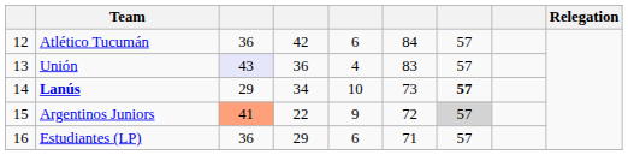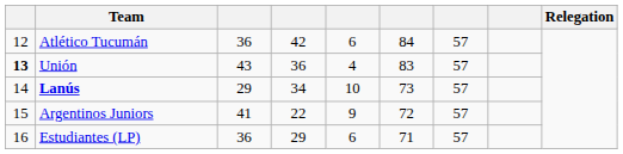 <table class="wikitable sortable" style="text-align: center;">
 <tr>
 <th width=25></th>
 <th width=185>Team</th>
 <th width=50></th>
 <th width=50></th>
 <th width=50></th>
 <th width=50></th>
 <th width=50></th>
 <th width=50></th>
 <th>Relegation</th>
 </tr>
 <tr>
 <td>12</td>
 <td align="left"><a href='#'>Atlético Tucumán</a></td>
 <td>36</td>
 <td>42</td>
 <td>6</td>
 <td>84</td>
 <td>57</td>
 <td><strong></strong></td>
 </tr>
 <tr>
-<td>13</td>
+<td><strong>13</strong></td>
 <td align="left"><a href='#'>Unión</a></td>
-<td style="background: lavender;">43</td>
+<td>43</td>
 <td>36</td>
 <td>4</td>
 <td>83</td>
 <td>57</td>
 <td><strong></strong></td>
 </tr>
 <tr>
 <td>14</td>
 <td align="left"><strong><a href='#'>Lanús</a></strong></td>
 <td>29</td>
 <td>34</td>
 <td>10</td>
 <td>73</td>
-<td><strong>57</strong></td>
+<td>57</td>
 <td><strong></strong></td>
 </tr>
 <tr>
 <td>15</td>
 <td align="left"><a href='#'>Argentinos Juniors</a></td>
-<td style="background: lightsalmon;">41</td>
+<td>41</td>
 <td>22</td>
 <td>9</td>
 <td>72</td>
-<td style="background: lightgrey;">57</td>
+<td>57</td>
 <td><strong></strong></td>
 </tr>
 <tr>
 <td>16</td>
 <td align="left"><a href='#'>Estudiantes (LP)</a></td>
 <td>36</td>
 <td>29</td>
 <td>6</td>
 <td>71</td>
 <td>57</td>
 <td><strong></strong></td>
 </tr>
 </table>
